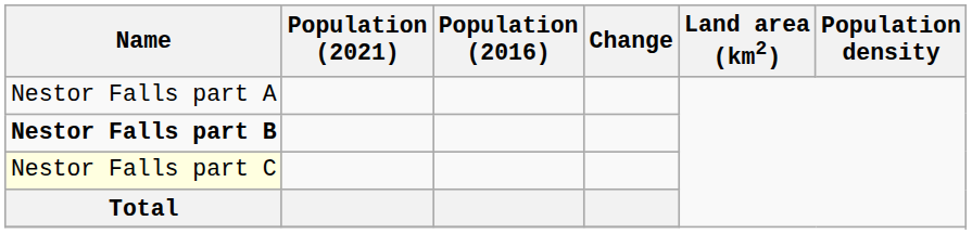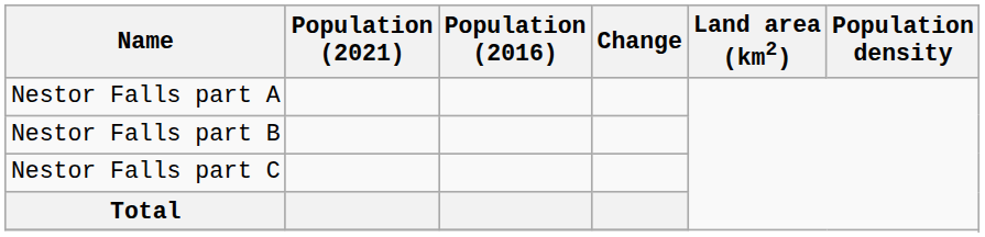 <table class="wikitable sortable collapsible">
 <tr>
 <th scope="col">Name</th>
 <th scope="col">Population<br>(2021)</th>
 <th scope="col">Population<br>(2016)</th>
 <th scope="col">Change</th>
 <th scope="col">Land area<br>(km<sup>2</sup>)</th>
 <th scope="col">Population<br>density</th>
 </tr>
 <tr>
 <td scope="row">Nestor Falls part A</td>
 <td></td>
 <td align=center></td>
 <td align=center></td>
 </tr>
 <tr>
-<td scope="row"><strong>Nestor Falls part B</strong></td>
+<td scope="row">Nestor Falls part B</td>
 <td></td>
 <td align=center></td>
 <td align=center></td>
 </tr>
 <tr>
-<td scope="row" style="background: lightyellow;">Nestor Falls part C</td>
+<td scope="row">Nestor Falls part C</td>
 <td></td>
 <td align=center></td>
 <td align=center></td>
 </tr>
 <tr class="sortbottom" align="center" style="background: #f2f2f2;">
 <td><strong>Total</strong></td>
 <td></td>
 <td align=center><strong></strong></td>
 <td><strong></strong></td>
 </tr>
 <tr>
 </tr>
 </table>
